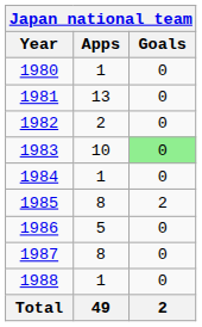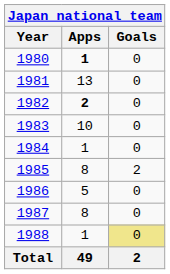 <table class="wikitable" style="text-align:center">
 <tr>
 <th colspan=3><a href='#'>Japan national team</a></th>
 </tr>
 <tr>
 <th>Year</th>
 <th>Apps</th>
 <th>Goals</th>
 </tr>
 <tr>
 <td><a href='#'>1980</a></td>
-<td>1</td>
+<td><strong>1</strong></td>
 <td>0</td>
 </tr>
 <tr>
 <td><a href='#'>1981</a></td>
 <td>13</td>
 <td>0</td>
 </tr>
 <tr>
 <td><a href='#'>1982</a></td>
-<td>2</td>
+<td><strong>2</strong></td>
 <td>0</td>
 </tr>
 <tr>
 <td><a href='#'>1983</a></td>
 <td>10</td>
-<td style="background: lightgreen;">0</td>
+<td>0</td>
 </tr>
 <tr>
 <td><a href='#'>1984</a></td>
 <td>1</td>
 <td>0</td>
 </tr>
 <tr>
 <td><a href='#'>1985</a></td>
 <td>8</td>
 <td>2</td>
 </tr>
 <tr>
 <td><a href='#'>1986</a></td>
 <td>5</td>
 <td>0</td>
 </tr>
 <tr>
 <td><a href='#'>1987</a></td>
 <td>8</td>
 <td>0</td>
 </tr>
 <tr>
 <td><a href='#'>1988</a></td>
 <td>1</td>
-<td>0</td>
+<td style="background: khaki;">0</td>
 </tr>
 <tr>
 <th>Total</th>
 <th>49</th>
 <th>2</th>
 </tr>
 </table>
